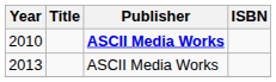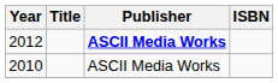 <table class="wikitable">
 <tr>
 <th>Year</th>
 <th>Title</th>
 <th>Publisher</th>
 <th>ISBN</th>
 </tr>
 <tr>
-<td>2010</td>
+<td>2012</td>
 <td></td>
 <td><strong><a href='#'>ASCII Media Works</a></strong></td>
 <td></td>
 </tr>
 <tr>
-<td>2013</td>
+<td>2010</td>
 <td></td>
 <td>ASCII Media Works</td>
 <td></td>
 </tr>
 <tr>
 </tr>
 </table>
